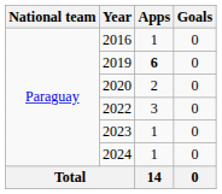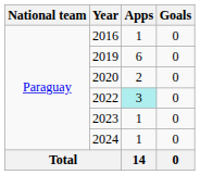 <table class="wikitable" style="text-align:center">
 <tr>
 <th>National team</th>
 <th>Year</th>
 <th>Apps</th>
 <th>Goals</th>
 </tr>
 <tr>
 <td rowspan="6"><a href='#'>Paraguay</a></td>
 <td>2016</td>
 <td>1</td>
 <td>0</td>
 </tr>
 <tr>
 <td>2019</td>
-<td><strong>6</strong></td>
+<td>6</td>
 <td>0</td>
 </tr>
 <tr>
 <td>2020</td>
 <td>2</td>
 <td>0</td>
 </tr>
 <tr>
 <td>2022</td>
-<td>3</td>
+<td style="background: paleturquoise;">3</td>
 <td>0</td>
 </tr>
 <tr>
 <td>2023</td>
 <td>1</td>
 <td>0</td>
 </tr>
 <tr>
 <td>2024</td>
 <td>1</td>
 <td>0</td>
 </tr>
 <tr>
 <th colspan="2">Total</th>
 <th>14</th>
 <th>0</th>
 </tr>
 </table>
